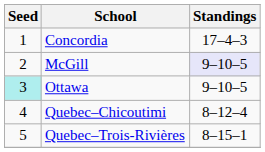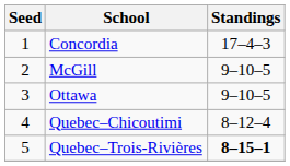 <table class="wikitable">
 <tr>
 <th>Seed</th>
 <th style="width:150px">School</th>
 <th>Standings</th>
 </tr>
 <tr>
 <td align=center>1</td>
 <td><a href='#'>Concordia</a></td>
 <td align=center>17–4–3</td>
 </tr>
 <tr>
 <td align=center>2</td>
 <td><a href='#'>McGill</a></td>
-<td align=center style="background: lavender;">9–10–5</td>
+<td align=center>9–10–5</td>
 </tr>
 <tr>
-<td align=center style="background: paleturquoise;">3</td>
+<td align=center>3</td>
 <td><a href='#'>Ottawa</a></td>
 <td align=center>9–10–5</td>
 </tr>
 <tr>
 <td align=center>4</td>
 <td><a href='#'>Quebec–Chicoutimi</a></td>
 <td align=center>8–12–4</td>
 </tr>
 <tr>
 <td align=center>5</td>
 <td><a href='#'>Quebec–Trois-Rivières</a></td>
-<td align=center>8–15–1</td>
+<td align=center><strong>8–15–1</strong></td>
 </tr>
 <tr>
 </tr>
 </table>
